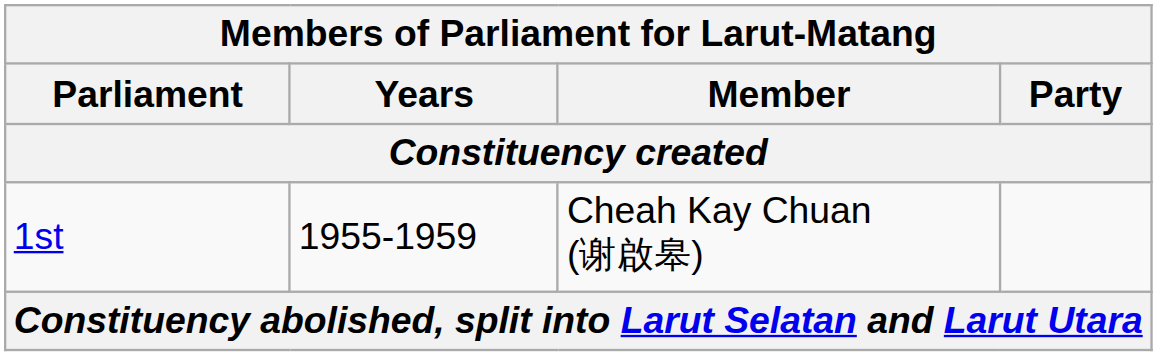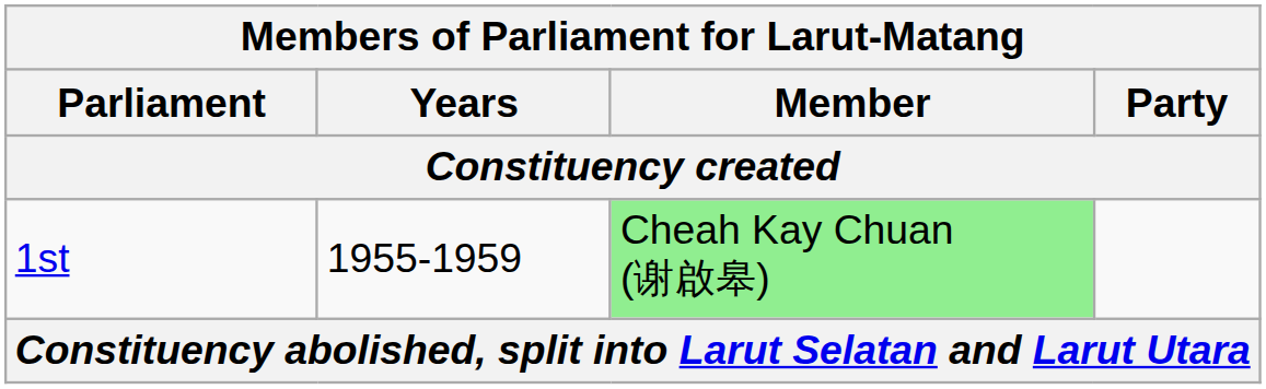 <table class="wikitable">
 <tr>
 <th colspan="4">Members of Parliament for Larut-Matang</th>
 </tr>
 <tr>
 <th>Parliament</th>
 <th>Years</th>
 <th>Member</th>
 <th>Party</th>
 </tr>
 <tr>
 <th colspan="4"><em>Constituency created</em></th>
 </tr>
 <tr>
 <td><a href='#'>1st</a></td>
 <td>1955-1959</td>
-<td>Cheah Kay Chuan <br> (谢啟皋)</td>
+<td style="background: lightgreen;">Cheah Kay Chuan <br> (谢啟皋)</td>
 <td></td>
 </tr>
 <tr>
 <th colspan="4"><em>Constituency abolished, split into <a href='#'>Larut Selatan</a> and <a href='#'>Larut Utara</a></em></th>
 </tr>
 </table>
